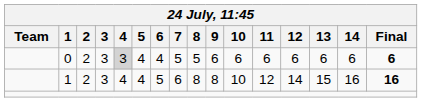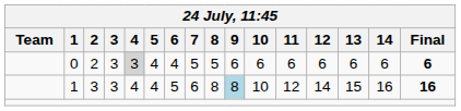 <table class=wikitable style="text-align:center; width: 55%">
 <tr>
 <th colspan=17><em>24 July, 11:45</em></th>
 </tr>
 <tr>
 <th>Team</th>
 <th>1</th>
 <th>2</th>
 <th>3</th>
 <th>4</th>
 <th>5</th>
 <th>6</th>
 <th>7</th>
 <th>8</th>
 <th>9</th>
 <th>10</th>
 <th>11</th>
 <th>12</th>
 <th>13</th>
 <th>14</th>
 <th>Final</th>
 </tr>
 <tr>
 <td align=left></td>
 <td>0</td>
 <td>2</td>
 <td>3</td>
 <td style="background: lightgrey;">3</td>
 <td>4</td>
 <td>4</td>
 <td>5</td>
 <td>5</td>
 <td>6</td>
 <td>6</td>
 <td>6</td>
 <td>6</td>
 <td>6</td>
 <td>6</td>
 <td><strong>6</strong></td>
 </tr>
 <tr>
 <td align=left><strong></strong></td>
 <td>1</td>
-<td>2</td>
+<td>3</td>
 <td>3</td>
 <td>4</td>
 <td>4</td>
 <td>5</td>
 <td>6</td>
 <td>8</td>
-<td>8</td>
+<td style="background: lightblue;">8</td>
 <td>10</td>
 <td>12</td>
 <td>14</td>
 <td>15</td>
 <td>16</td>
 <td><strong>16</strong></td>
 </tr>
 <tr>
 <td colspan=17></td>
 </tr>
 </table>
